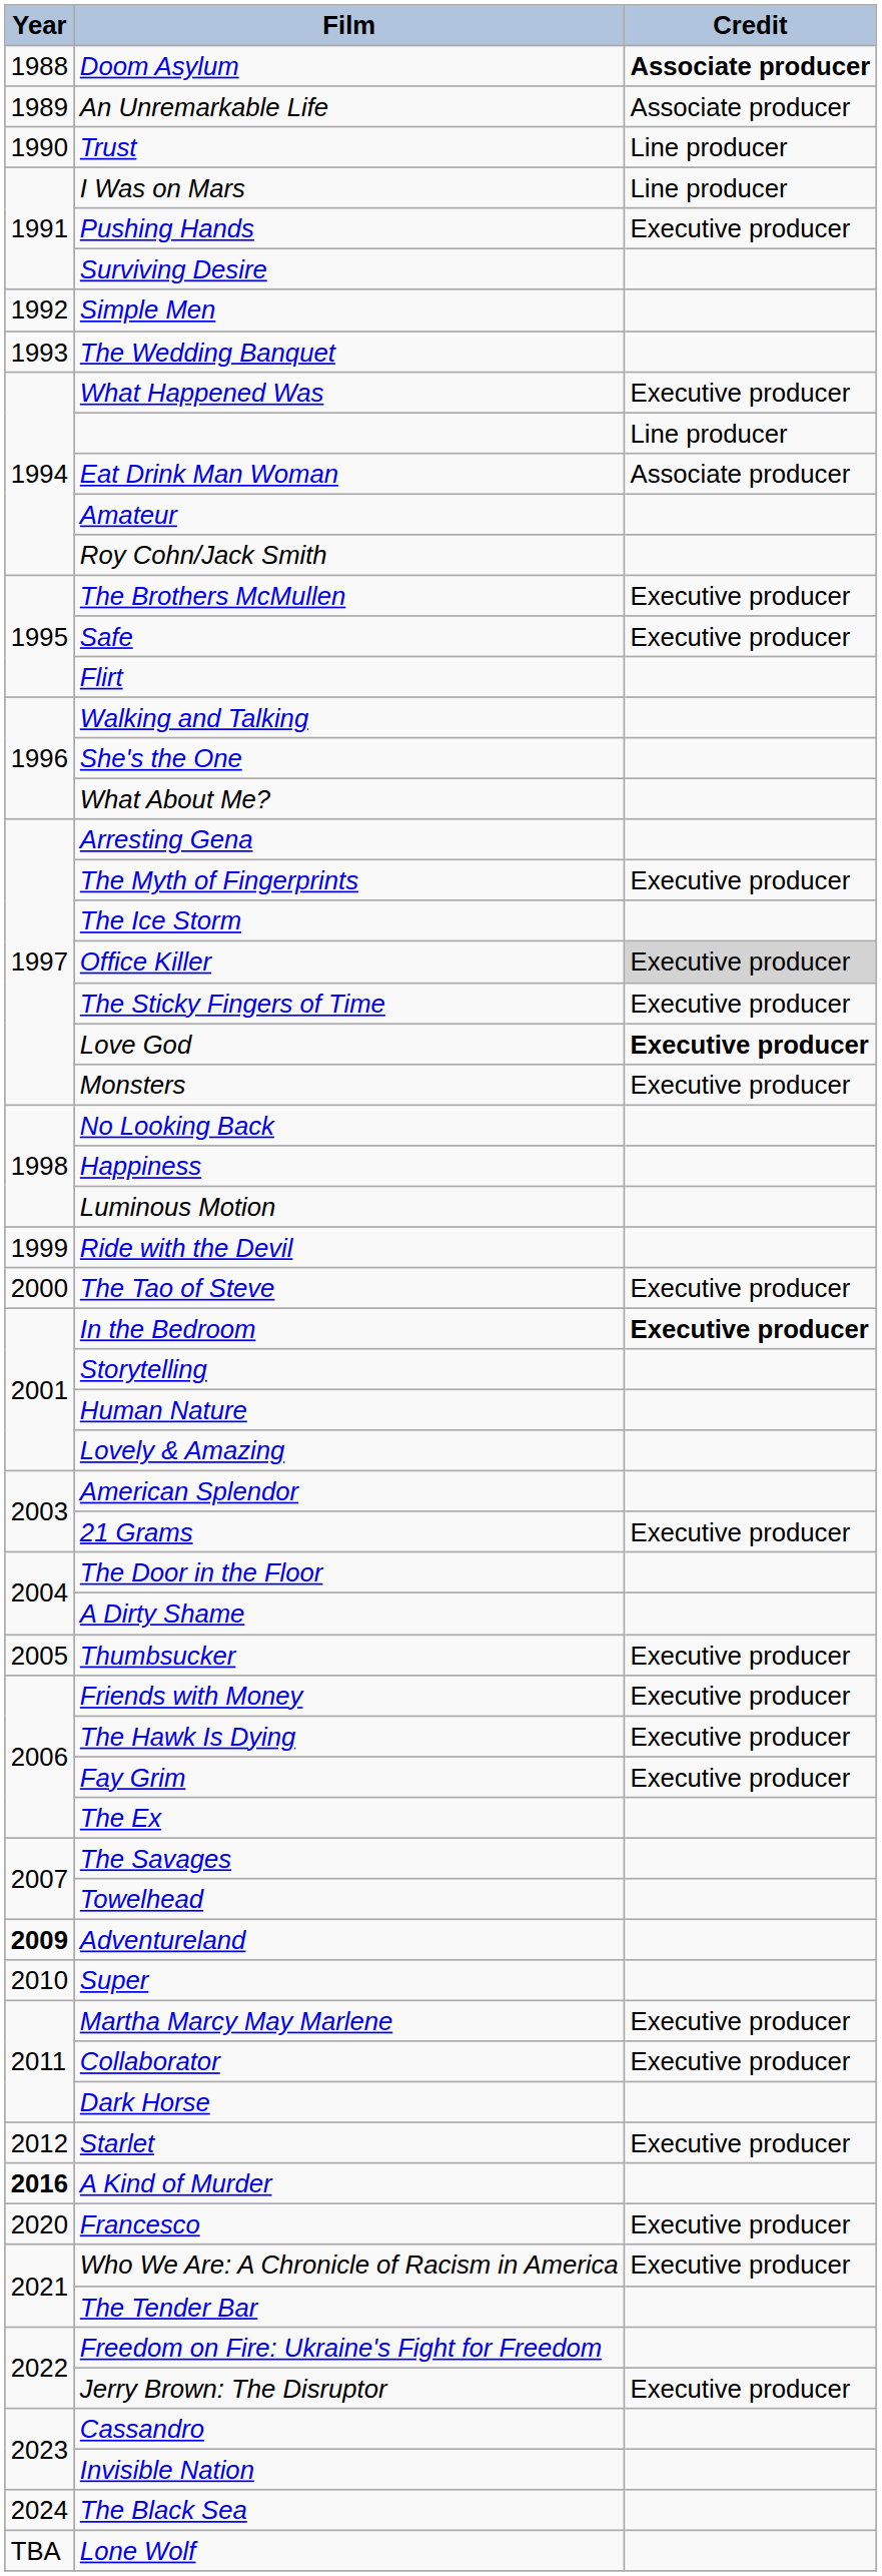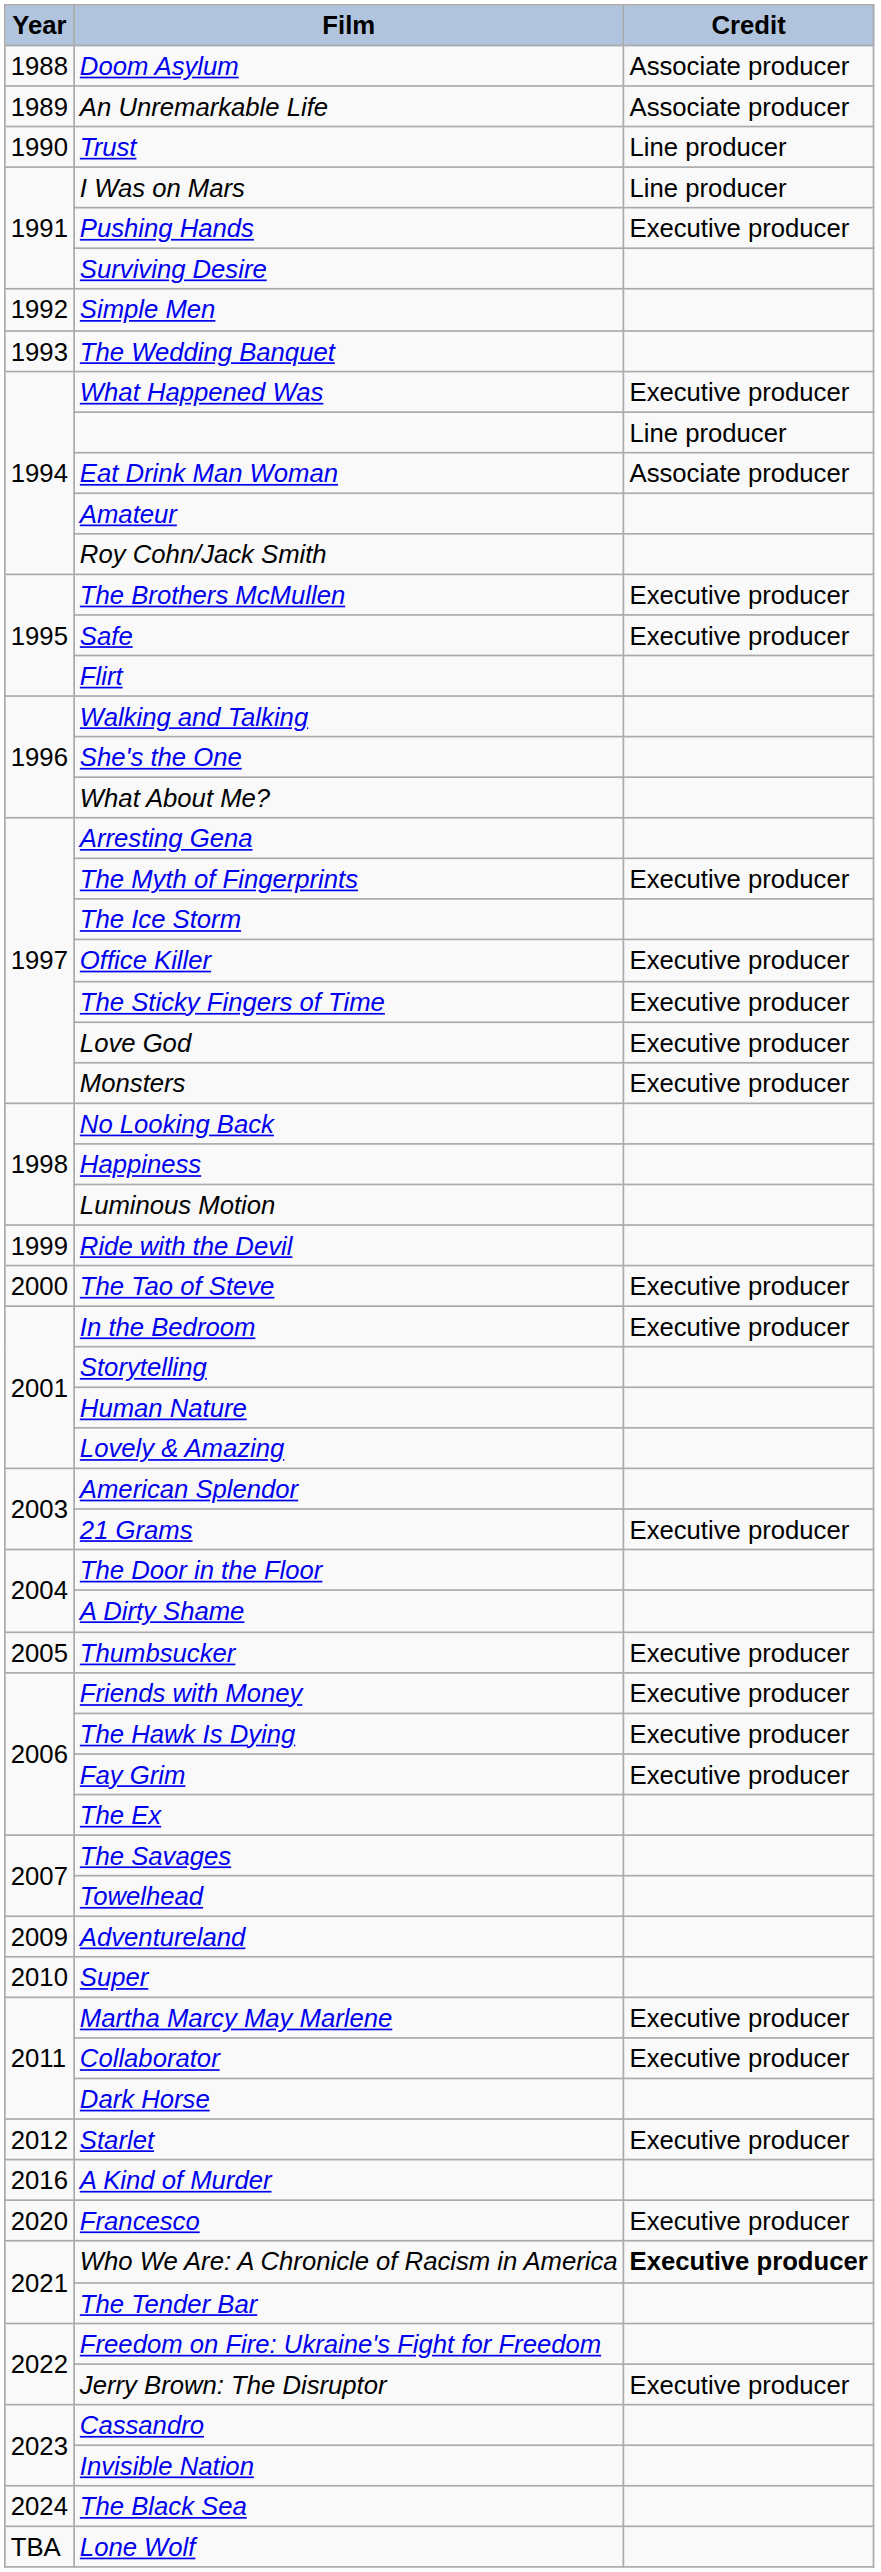 <table class="wikitable" style="font-size:95%;">
 <tr>
 <th style="background:#B0C4DE;">Year</th>
 <th style="background:#B0C4DE;">Film</th>
 <th style="background:#B0C4DE;">Credit</th>
 </tr>
 <tr>
 <td>1988</td>
 <td><em><a href='#'>Doom Asylum</a></em></td>
-<td><strong>Associate producer</strong></td>
+<td>Associate producer</td>
 </tr>
 <tr>
 <td>1989</td>
 <td><em>An Unremarkable Life</em></td>
 <td>Associate producer</td>
 </tr>
 <tr>
 <td>1990</td>
 <td><em><a href='#'>Trust</a></em></td>
 <td>Line producer</td>
 </tr>
 <tr>
 <td rowspan=3>1991</td>
 <td><em>I Was on Mars</em></td>
 <td>Line producer</td>
 </tr>
 <tr>
 <td><em><a href='#'>Pushing Hands</a></em></td>
 <td>Executive producer</td>
 </tr>
 <tr>
 <td><em><a href='#'>Surviving Desire</a></em></td>
 <td></td>
 </tr>
 <tr>
 <td>1992</td>
 <td><em><a href='#'>Simple Men</a></em></td>
 <td></td>
 </tr>
 <tr>
 <td>1993</td>
 <td><em><a href='#'>The Wedding Banquet</a></em></td>
 <td></td>
 </tr>
 <tr>
 <td rowspan=5>1994</td>
 <td><em><a href='#'>What Happened Was</a></em></td>
 <td>Executive producer</td>
 </tr>
 <tr>
 <td><em></em></td>
 <td>Line producer</td>
 </tr>
 <tr>
 <td><em><a href='#'>Eat Drink Man Woman</a></em></td>
 <td>Associate producer</td>
 </tr>
 <tr>
 <td><em><a href='#'>Amateur</a></em></td>
 <td></td>
 </tr>
 <tr>
 <td><em>Roy Cohn/Jack Smith</em></td>
 <td></td>
 </tr>
 <tr>
 <td rowspan=3>1995</td>
 <td><em><a href='#'>The Brothers McMullen</a></em></td>
 <td>Executive producer</td>
 </tr>
 <tr>
 <td><em><a href='#'>Safe</a></em></td>
 <td>Executive producer</td>
 </tr>
 <tr>
 <td><em><a href='#'>Flirt</a></em></td>
 <td></td>
 </tr>
 <tr>
 <td rowspan=3>1996</td>
 <td><em><a href='#'>Walking and Talking</a></em></td>
 <td></td>
 </tr>
 <tr>
 <td><em><a href='#'>She's the One</a></em></td>
 <td></td>
 </tr>
 <tr>
 <td><em>What About Me?</em></td>
 <td></td>
 </tr>
 <tr>
 <td rowspan=7>1997</td>
 <td><em><a href='#'>Arresting Gena</a></em></td>
 <td></td>
 </tr>
 <tr>
 <td><em><a href='#'>The Myth of Fingerprints</a></em></td>
 <td>Executive producer</td>
 </tr>
 <tr>
 <td><em><a href='#'>The Ice Storm</a></em></td>
 <td></td>
 </tr>
 <tr>
 <td><em><a href='#'>Office Killer</a></em></td>
-<td style="background: lightgrey;">Executive producer</td>
+<td>Executive producer</td>
 </tr>
 <tr>
 <td><em><a href='#'>The Sticky Fingers of Time</a></em></td>
 <td>Executive producer</td>
 </tr>
 <tr>
 <td><em>Love God</em></td>
-<td><strong>Executive producer</strong></td>
+<td>Executive producer</td>
 </tr>
 <tr>
 <td><em>Monsters</em></td>
 <td>Executive producer</td>
 </tr>
 <tr>
 <td rowspan=3>1998</td>
 <td><em><a href='#'>No Looking Back</a></em></td>
 <td></td>
 </tr>
 <tr>
 <td><em><a href='#'>Happiness</a></em></td>
 <td></td>
 </tr>
 <tr>
 <td><em>Luminous Motion</em></td>
 <td></td>
 </tr>
 <tr>
 <td>1999</td>
 <td><em><a href='#'>Ride with the Devil</a></em></td>
 <td></td>
 </tr>
 <tr>
 <td>2000</td>
 <td><em><a href='#'>The Tao of Steve</a></em></td>
 <td>Executive producer</td>
 </tr>
 <tr>
 <td rowspan=4>2001</td>
 <td><em><a href='#'>In the Bedroom</a></em></td>
-<td><strong>Executive producer</strong></td>
+<td>Executive producer</td>
 </tr>
 <tr>
 <td><em><a href='#'>Storytelling</a></em></td>
 <td></td>
 </tr>
 <tr>
 <td><em><a href='#'>Human Nature</a></em></td>
 <td></td>
 </tr>
 <tr>
 <td><em><a href='#'>Lovely & Amazing</a></em></td>
 <td></td>
 </tr>
 <tr>
 <td rowspan=2>2003</td>
 <td><em><a href='#'>American Splendor</a></em></td>
 <td></td>
 </tr>
 <tr>
 <td><em><a href='#'>21 Grams</a></em></td>
 <td>Executive producer</td>
 </tr>
 <tr>
 <td rowspan=2>2004</td>
 <td><em><a href='#'>The Door in the Floor</a></em></td>
 <td></td>
 </tr>
 <tr>
 <td><em><a href='#'>A Dirty Shame</a></em></td>
 <td></td>
 </tr>
 <tr>
 <td>2005</td>
 <td><em><a href='#'>Thumbsucker</a></em></td>
 <td>Executive producer</td>
 </tr>
 <tr>
 <td rowspan=4>2006</td>
 <td><em><a href='#'>Friends with Money</a></em></td>
 <td>Executive producer</td>
 </tr>
 <tr>
 <td><em><a href='#'>The Hawk Is Dying</a></em></td>
 <td>Executive producer</td>
 </tr>
 <tr>
 <td><em><a href='#'>Fay Grim</a></em></td>
 <td>Executive producer</td>
 </tr>
 <tr>
 <td><em><a href='#'>The Ex</a></em></td>
 <td></td>
 </tr>
 <tr>
 <td rowspan=2>2007</td>
 <td><em><a href='#'>The Savages</a></em></td>
 <td></td>
 </tr>
 <tr>
 <td><em><a href='#'>Towelhead</a></em></td>
 <td></td>
 </tr>
 <tr>
-<td><strong>2009</strong></td>
+<td>2009</td>
 <td><em><a href='#'>Adventureland</a></em></td>
 <td></td>
 </tr>
 <tr>
 <td>2010</td>
 <td><em><a href='#'>Super</a></em></td>
 <td></td>
 </tr>
 <tr>
 <td rowspan=3>2011</td>
 <td><em><a href='#'>Martha Marcy May Marlene</a></em></td>
 <td>Executive producer</td>
 </tr>
 <tr>
 <td><em><a href='#'>Collaborator</a></em></td>
 <td>Executive producer</td>
 </tr>
 <tr>
 <td><em><a href='#'>Dark Horse</a></em></td>
 <td></td>
 </tr>
 <tr>
 <td>2012</td>
 <td><em><a href='#'>Starlet</a></em></td>
 <td>Executive producer</td>
 </tr>
 <tr>
-<td><strong>2016</strong></td>
+<td>2016</td>
 <td><em><a href='#'>A Kind of Murder</a></em></td>
 <td></td>
 </tr>
 <tr>
 <td>2020</td>
 <td><em><a href='#'>Francesco</a></em></td>
 <td>Executive producer</td>
 </tr>
 <tr>
 <td rowspan=2>2021</td>
 <td><em>Who We Are: A Chronicle of Racism in America</em></td>
-<td>Executive producer</td>
+<td><strong>Executive producer</strong></td>
 </tr>
 <tr>
 <td><em><a href='#'>The Tender Bar</a></em></td>
 <td></td>
 </tr>
 <tr>
 <td rowspan=2>2022</td>
 <td><em><a href='#'>Freedom on Fire: Ukraine's Fight for Freedom</a></em></td>
 <td></td>
 </tr>
 <tr>
 <td><em>Jerry Brown: The Disruptor</em></td>
 <td>Executive producer</td>
 </tr>
 <tr>
 <td rowspan=2>2023</td>
 <td><em><a href='#'>Cassandro</a></em></td>
 <td></td>
 </tr>
 <tr>
 <td><em><a href='#'>Invisible Nation</a></em></td>
 <td></td>
 </tr>
 <tr>
 <td>2024</td>
 <td><em><a href='#'>The Black Sea</a></em></td>
 <td></td>
 </tr>
 <tr>
 <td>TBA</td>
 <td><em><a href='#'>Lone Wolf</a></em></td>
 <td></td>
 </tr>
 </table>
